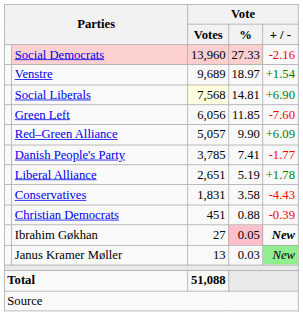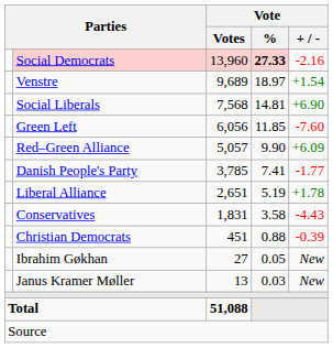 <table class="wikitable" style="text-align:right;">
 <tr>
 <th style="text-align:centre;" rowspan="2" colspan="2" width="225">Parties</th>
 <th colspan="3">Vote</th>
 </tr>
 <tr>
 <th width="15">Votes</th>
 <th width="15">%</th>
 <th width="15">+ / -</th>
 </tr>
 <tr>
 <td width="2" style="color:inherit;background:"></td>
 <td bgcolor=#fbd0ce  align="left"><a href='#'>Social Democrats</a></td>
 <td bgcolor=#fbd0ce>13,960</td>
-<td bgcolor=#fbd0ce>27.33</td>
+<td bgcolor=#fbd0ce><strong>27.33</strong></td>
 <td style=color:red;>-2.16</td>
 </tr>
 <tr>
 <td width="2" style="color:inherit;background:"></td>
 <td align="left"><a href='#'>Venstre</a></td>
 <td>9,689</td>
 <td>18.97</td>
 <td style=color:green;>+1.54</td>
 </tr>
 <tr>
 <td width="2" style="color:inherit;background:"></td>
 <td align="left"><a href='#'>Social Liberals</a></td>
-<td style="background: lightyellow;">7,568</td>
+<td>7,568</td>
 <td>14.81</td>
 <td style=color:green;>+6.90</td>
 </tr>
 <tr>
 <td width="2" style="color:inherit;background:"></td>
 <td align="left"><a href='#'>Green Left</a></td>
 <td>6,056</td>
 <td>11.85</td>
 <td style=color:red;>-7.60</td>
 </tr>
 <tr>
 <td width="2" style="color:inherit;background:"></td>
 <td align="left"><a href='#'>Red–Green Alliance</a></td>
 <td>5,057</td>
 <td>9.90</td>
 <td style=color:green;>+6.09</td>
 </tr>
 <tr>
 <td width="2" style="color:inherit;background:"></td>
 <td align="left"><a href='#'>Danish People's Party</a></td>
 <td>3,785</td>
 <td>7.41</td>
 <td style=color:red;>-1.77</td>
 </tr>
 <tr>
 <td width="2" style="color:inherit;background:"></td>
 <td align="left"><a href='#'>Liberal Alliance</a></td>
 <td>2,651</td>
 <td>5.19</td>
 <td style=color:green;>+1.78</td>
 </tr>
 <tr>
 <td width="2" style="color:inherit;background:"></td>
 <td align="left"><a href='#'>Conservatives</a></td>
 <td>1,831</td>
 <td>3.58</td>
 <td style=color:red;>-4.43</td>
 </tr>
 <tr>
 <td width="2" style="color:inherit;background:"></td>
 <td align="left"><a href='#'>Christian Democrats</a></td>
 <td>451</td>
 <td>0.88</td>
 <td style=color:red;>-0.39</td>
 </tr>
 <tr>
 <td width="2" style="color:inherit;background:"></td>
 <td align="left">Ibrahim Gøkhan</td>
 <td>27</td>
-<td style="background: pink;">0.05</td>
-<td><strong><em>New</em></strong></td>
+<td>0.05</td>
+<td><em>New</em></td>
 </tr>
 <tr>
 <td width="2" style="color:inherit;background:"></td>
 <td align="left">Janus Kramer Møller</td>
 <td>13</td>
 <td>0.03</td>
-<td style="background: lightgreen;"><em>New</em></td>
+<td><em>New</em></td>
 </tr>
 <tr>
 <td colspan="7" bgcolor="#E9E9E9"></td>
 </tr>
 <tr>
 <td align="left" colspan="2"><strong>Total</strong></td>
 <td><strong>51,088</strong></td>
 <td bgcolor="#E9E9E9" colspan="2"></td>
 </tr>
 <tr>
 <td align="left" colspan="6">Source</td>
 </tr>
 </table>
